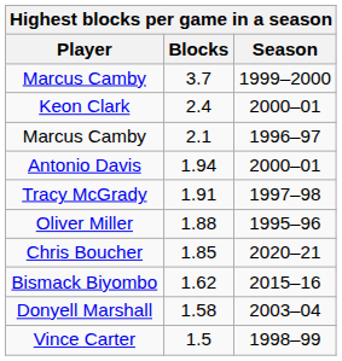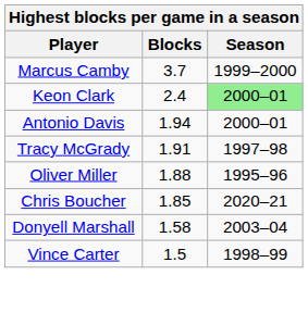 <table class="wikitable sortable" style="text-align:center">
 <tr>
 <th colspan="3">Highest blocks per game in a season</th>
 </tr>
 <tr>
 <th>Player</th>
 <th>Blocks</th>
 <th>Season</th>
 </tr>
 <tr>
 <td><a href='#'>Marcus Camby</a></td>
 <td>3.7</td>
 <td>1999–2000</td>
 </tr>
 <tr>
 <td><a href='#'>Keon Clark</a></td>
 <td>2.4</td>
-<td>2000–01</td>
-</tr>
-<tr>
-<td>Marcus Camby</td>
-<td>2.1</td>
-<td>1996–97</td>
+<td style="background: lightgreen;">2000–01</td>
 </tr>
 <tr>
 <td><a href='#'>Antonio Davis</a></td>
 <td>1.94</td>
 <td>2000–01</td>
 </tr>
 <tr>
 <td><a href='#'>Tracy McGrady</a></td>
 <td>1.91</td>
 <td>1997–98</td>
 </tr>
 <tr>
 <td><a href='#'>Oliver Miller</a></td>
 <td>1.88</td>
 <td>1995–96</td>
 </tr>
 <tr>
 <td><a href='#'>Chris Boucher</a></td>
 <td>1.85</td>
 <td>2020–21</td>
 </tr>
 <tr>
-<td><a href='#'>Bismack Biyombo</a></td>
-<td>1.62</td>
-<td>2015–16</td>
-</tr>
-<tr>
 <td><a href='#'>Donyell Marshall</a></td>
 <td>1.58</td>
 <td>2003–04</td>
 </tr>
 <tr>
 <td><a href='#'>Vince Carter</a></td>
 <td>1.5</td>
 <td>1998–99</td>
 </tr>
 </table>
